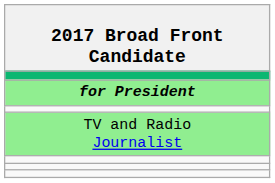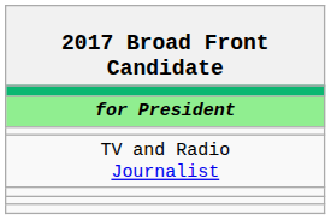 <table class="wikitable" style="font-size:90%; text-align:center;">
 <tr>
 <td colspan="27" style="background:#f1f1f1;"><br><big><strong>2017 Broad Front Candidate</strong></big></td>
 </tr>
 <tr>
 <th style=" font-size:135%; background:#0BB771; width:200px;"></th>
 </tr>
 <tr style="color:#000; font-size:100%; background:lightgreen;">
 <td style=" width:200px;"><strong><em>for President</em></strong></td>
 </tr>
 <tr>
 <td></td>
 </tr>
 <tr>
-<td style="background: lightgreen;">TV and Radio <br> <a href='#'>Journalist</a></td>
+<td>TV and Radio <br> <a href='#'>Journalist</a></td>
 </tr>
 <tr>
 <td></td>
 </tr>
 <tr>
 <td></td>
 </tr>
 <tr>
 <td></td>
 </tr>
 </table>
